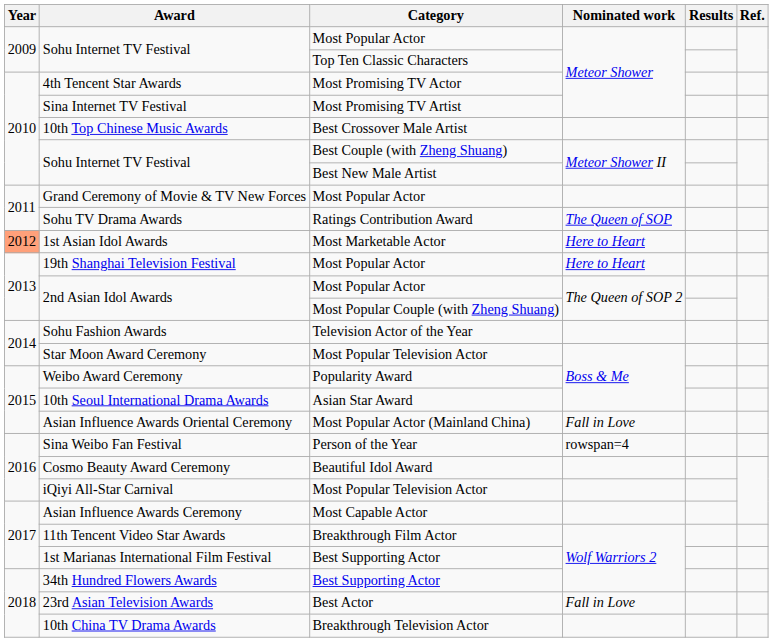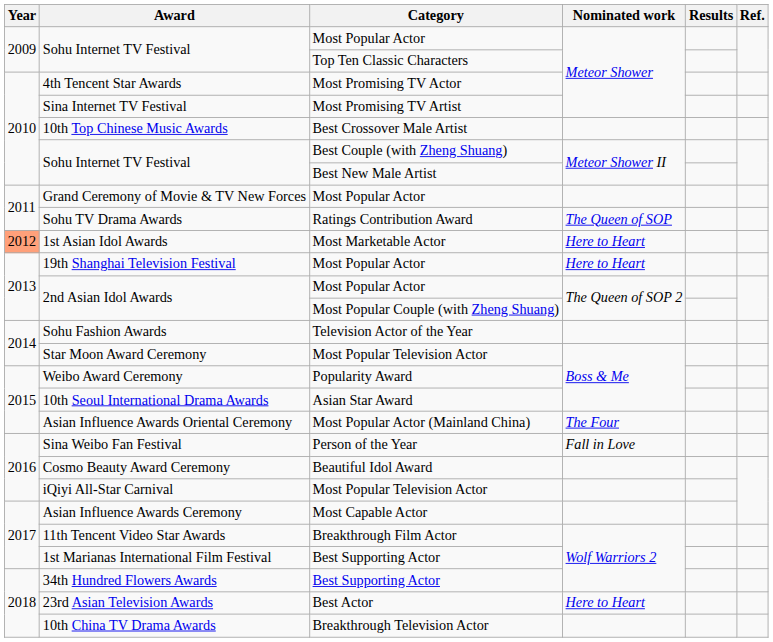 <table class="wikitable">
 <tr>
 <th>Year</th>
 <th>Award</th>
 <th>Category</th>
 <th>Nominated work</th>
 <th>Results</th>
 <th>Ref.</th>
 </tr>
 <tr>
 <td rowspan=2>2009</td>
 <td rowspan=2>Sohu Internet TV Festival</td>
 <td>Most Popular Actor</td>
 <td rowspan=4><em><a href='#'>Meteor Shower</a></em></td>
 <td></td>
 <td rowspan=2></td>
 </tr>
 <tr>
 <td>Top Ten Classic Characters</td>
 <td></td>
 </tr>
 <tr>
 <td rowspan=5>2010</td>
 <td>4th Tencent Star Awards</td>
 <td>Most Promising TV Actor</td>
 <td></td>
 <td></td>
 </tr>
 <tr>
 <td>Sina Internet TV Festival</td>
 <td>Most Promising TV Artist</td>
 <td></td>
 <td></td>
 </tr>
 <tr>
 <td>10th <a href='#'>Top Chinese Music Awards</a></td>
 <td>Best Crossover Male Artist</td>
 <td></td>
 <td></td>
 <td></td>
 </tr>
 <tr>
 <td rowspan=2>Sohu Internet TV Festival</td>
 <td>Best Couple (with <a href='#'>Zheng Shuang</a>)</td>
 <td rowspan=2><em><a href='#'>Meteor Shower</a> II</em></td>
 <td></td>
 <td rowspan=2></td>
 </tr>
 <tr>
 <td>Best New Male Artist</td>
 <td></td>
 </tr>
 <tr>
 <td rowspan=2>2011</td>
 <td>Grand Ceremony of Movie & TV New Forces</td>
 <td>Most Popular Actor</td>
 <td></td>
 <td></td>
 <td></td>
 </tr>
 <tr>
 <td>Sohu TV Drama Awards</td>
 <td>Ratings Contribution Award</td>
 <td><em><a href='#'>The Queen of SOP</a></em></td>
 <td></td>
 <td></td>
 </tr>
 <tr>
 <td style="background: lightsalmon;">2012</td>
 <td>1st Asian Idol Awards</td>
 <td>Most Marketable Actor</td>
 <td><em><a href='#'>Here to Heart</a></em></td>
 <td></td>
 <td></td>
 </tr>
 <tr>
 <td rowspan=3>2013</td>
 <td>19th <a href='#'>Shanghai Television Festival</a></td>
 <td>Most Popular Actor</td>
 <td><em><a href='#'>Here to Heart</a></em></td>
 <td></td>
 <td></td>
 </tr>
 <tr>
 <td rowspan=2>2nd Asian Idol Awards</td>
 <td>Most Popular Actor</td>
 <td rowspan=2><em>The Queen of SOP 2</em></td>
 <td></td>
 <td rowspan=2></td>
 </tr>
 <tr>
 <td>Most Popular Couple (with <a href='#'>Zheng Shuang</a>)</td>
 <td></td>
 </tr>
 <tr>
 <td rowspan=2>2014</td>
 <td>Sohu Fashion Awards</td>
 <td>Television Actor of the Year</td>
 <td></td>
 <td></td>
 <td></td>
 </tr>
 <tr>
 <td>Star Moon Award Ceremony</td>
 <td>Most Popular Television Actor</td>
 <td rowspan=3><em><a href='#'>Boss & Me</a></em></td>
 <td></td>
 <td></td>
 </tr>
 <tr>
 <td rowspan=3>2015</td>
 <td>Weibo Award Ceremony</td>
 <td>Popularity Award</td>
 <td></td>
 <td></td>
 </tr>
 <tr>
 <td>10th <a href='#'>Seoul International Drama Awards</a></td>
 <td>Asian Star Award</td>
 <td></td>
 <td></td>
 </tr>
 <tr>
 <td>Asian Influence Awards Oriental Ceremony</td>
 <td>Most Popular Actor (Mainland China)</td>
-<td><em>Fall in Love</em></td>
+<td><em><a href='#'>The Four</a></em></td>
 <td></td>
 <td></td>
 </tr>
 <tr>
 <td rowspan=3>2016</td>
 <td>Sina Weibo Fan Festival</td>
 <td>Person of the Year</td>
-<td>rowspan=4 </td>
+<td><em>Fall in Love</em></td>
 <td></td>
 <td></td>
 </tr>
 <tr>
 <td>Cosmo Beauty Award Ceremony</td>
 <td>Beautiful Idol Award</td>
 <td></td>
 <td></td>
 </tr>
 <tr>
 <td>iQiyi All-Star Carnival</td>
 <td>Most Popular Television Actor</td>
 <td></td>
 <td></td>
 </tr>
 <tr>
 <td rowspan=3>2017</td>
 <td>Asian Influence Awards Ceremony</td>
 <td>Most Capable Actor</td>
 <td></td>
 <td></td>
 </tr>
 <tr>
 <td>11th Tencent Video Star Awards</td>
 <td>Breakthrough Film Actor</td>
 <td rowspan=3><em><a href='#'>Wolf Warriors 2</a></em></td>
 <td></td>
 <td></td>
 </tr>
 <tr>
 <td>1st Marianas International Film Festival</td>
 <td>Best Supporting Actor</td>
 <td></td>
 <td></td>
 </tr>
 <tr>
 <td rowspan=3>2018</td>
 <td>34th <a href='#'>Hundred Flowers Awards</a></td>
 <td><a href='#'>Best Supporting Actor</a></td>
 <td></td>
 <td></td>
 </tr>
 <tr>
 <td>23rd <a href='#'>Asian Television Awards</a></td>
 <td>Best Actor</td>
-<td><em>Fall in Love</em></td>
+<td><em><a href='#'>Here to Heart</a></em></td>
 <td></td>
 <td></td>
 </tr>
 <tr>
 <td>10th <a href='#'>China TV Drama Awards</a></td>
 <td>Breakthrough Television Actor</td>
 <td></td>
 <td></td>
 <td></td>
 </tr>
 </table>
